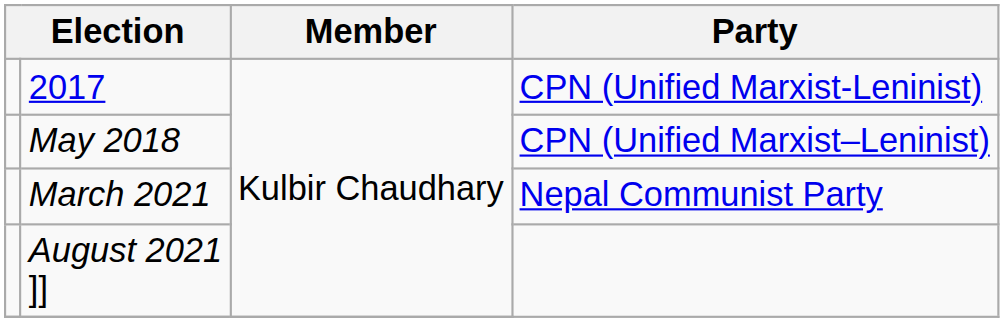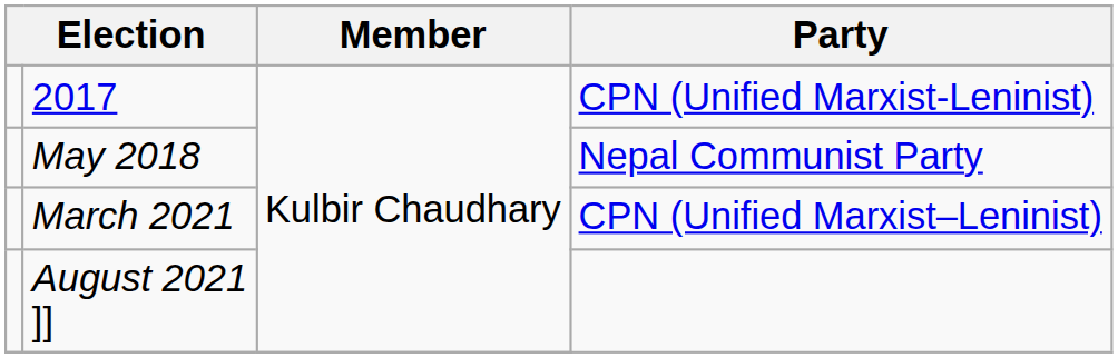 <table class="wikitable">
 <tr>
 <th colspan="2">Election</th>
 <th>Member</th>
 <th>Party</th>
 </tr>
 <tr>
 <td style="background-color:"></td>
 <td><a href='#'>2017</a></td>
 <td rowspan="4">Kulbir Chaudhary</td>
 <td><a href='#'>CPN (Unified Marxist-Leninist)</a></td>
 </tr>
 <tr>
 <td style="background-color:"></td>
 <td><em>May 2018</em></td>
-<td><a href='#'>CPN (Unified Marxist–Leninist)</a></td>
+<td><a href='#'>Nepal Communist Party</a></td>
 </tr>
 <tr>
 <td style="background-color:"></td>
 <td><em>March 2021</em></td>
-<td><a href='#'>Nepal Communist Party</a></td>
+<td><a href='#'>CPN (Unified Marxist–Leninist)</a></td>
 </tr>
 <tr>
 <td style="background-color:"></td>
 <td><em>August 2021</em><br>]]</td>
 </tr>
 <tr>
 </tr>
 </table>
